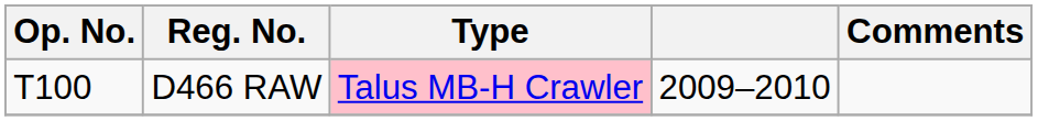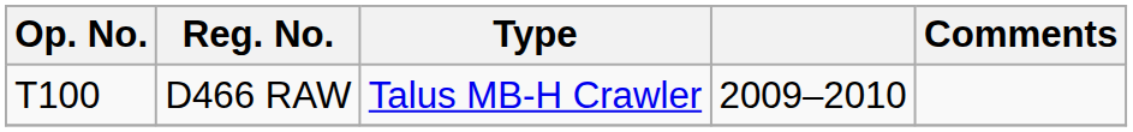 <table class="wikitable">
 <tr>
 <th>Op. No.</th>
 <th>Reg. No.</th>
 <th>Type</th>
 <th></th>
 <th>Comments</th>
 </tr>
 <tr>
 <td>T100</td>
 <td>D466 RAW</td>
-<td style="background: pink;"><a href='#'>Talus MB-H Crawler</a></td>
+<td><a href='#'>Talus MB-H Crawler</a></td>
 <td>2009–2010</td>
 <td></td>
 </tr>
 <tr>
 </tr>
 </table>
